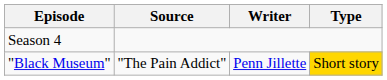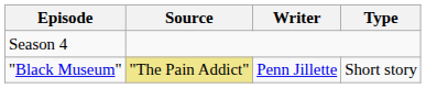 <table class="wikitable">
 <tr>
 <th>Episode</th>
 <th>Source</th>
 <th>Writer</th>
 <th>Type</th>
 </tr>
 <tr>
 <td>Season 4</td>
 </tr>
 <tr>
 <td>"<a href='#'>Black Museum</a>"</td>
-<td>"The Pain Addict"</td>
+<td style="background: khaki;">"The Pain Addict"</td>
 <td><a href='#'>Penn Jillette</a></td>
-<td style="background: gold;">Short story</td>
+<td>Short story</td>
 </tr>
 </table>
